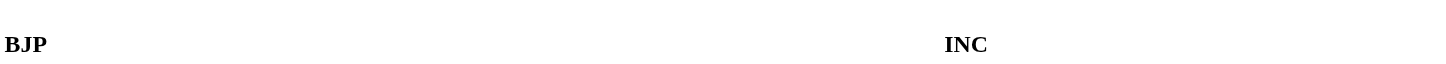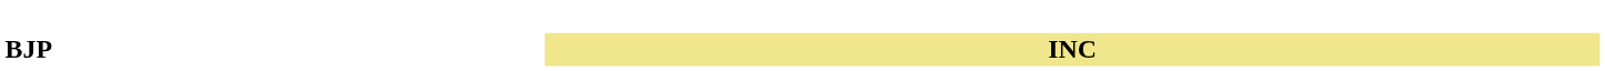 <table style="width:100%; text-align:center;">
 <tr style="color:white;">
 <td style="background:"><strong>10</strong></td>
 <td style="background:"><strong>1</strong></td>
 </tr>
 <tr>
 <td><span><strong>BJP</strong></span></td>
-<td><span><strong>INC</strong></span></td>
+<td style="background: khaki;"><span><strong>INC</strong></span></td>
 </tr>
 </table>
